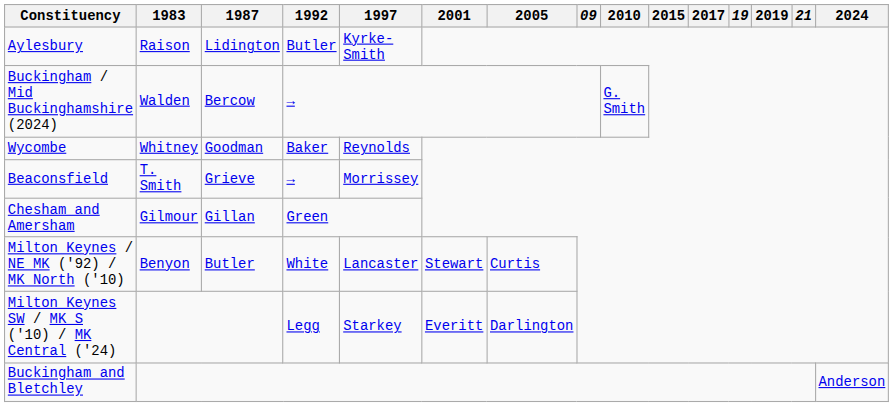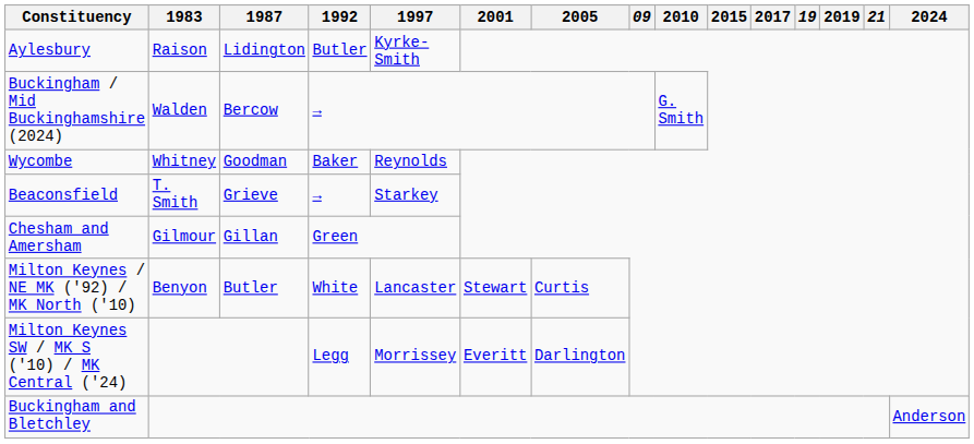 <table class="wikitable">
 <tr>
 <th>Constituency</th>
 <th>1983</th>
 <th>1987</th>
 <th>1992</th>
 <th>1997</th>
 <th>2001</th>
 <th>2005</th>
 <th><em>09</em></th>
 <th>2010</th>
 <th>2015</th>
 <th>2017</th>
 <th><em>19</em></th>
 <th>2019</th>
 <th><em>21</em></th>
 <th>2024</th>
 </tr>
 <tr>
 <td><a href='#'>Aylesbury</a></td>
 <td><a href='#'>Raison</a></td>
 <td><a href='#'>Lidington</a></td>
 <td><a href='#'>Butler</a></td>
 <td><a href='#'>Kyrke-Smith</a></td>
 </tr>
 <tr>
 <td><a href='#'>Buckingham</a> / <a href='#'>Mid Buckinghamshire</a> (2024)</td>
 <td><a href='#'>Walden</a></td>
 <td><a href='#'>Bercow</a></td>
 <td colspan="5"><a href='#'>→</a></td>
 <td><a href='#'>G. Smith</a></td>
 </tr>
 <tr>
 <td><a href='#'>Wycombe</a></td>
 <td><a href='#'>Whitney</a></td>
 <td><a href='#'>Goodman</a></td>
 <td><a href='#'>Baker</a></td>
 <td><a href='#'>Reynolds</a></td>
 </tr>
 <tr>
 <td><a href='#'>Beaconsfield</a></td>
 <td><a href='#'>T. Smith</a></td>
 <td><a href='#'>Grieve</a></td>
 <td><a href='#'>→</a></td>
-<td><a href='#'>Morrissey</a></td>
+<td><a href='#'>Starkey</a></td>
 </tr>
 <tr>
 <td><a href='#'>Chesham and Amersham</a></td>
 <td><a href='#'>Gilmour</a></td>
 <td><a href='#'>Gillan</a></td>
 <td colspan="2"><a href='#'>Green</a></td>
 </tr>
 <tr>
 <td><a href='#'>Milton Keynes</a> / <a href='#'>NE MK</a> ('92) / <a href='#'>MK North</a> ('10)</td>
 <td><a href='#'>Benyon</a></td>
 <td><a href='#'>Butler</a></td>
 <td><a href='#'>White</a></td>
 <td><a href='#'>Lancaster</a></td>
 <td><a href='#'>Stewart</a></td>
 <td><a href='#'>Curtis</a></td>
 </tr>
 <tr>
 <td><a href='#'>Milton Keynes SW</a> / <a href='#'>MK S</a> ('10) / <a href='#'>MK Central</a> ('24)</td>
 <td colspan="2"></td>
 <td><a href='#'>Legg</a></td>
-<td><a href='#'>Starkey</a></td>
+<td><a href='#'>Morrissey</a></td>
 <td><a href='#'>Everitt</a></td>
 <td><a href='#'>Darlington</a></td>
 </tr>
 <tr>
 <td><a href='#'>Buckingham and Bletchley</a></td>
 <td colspan="13"></td>
 <td><a href='#'>Anderson</a></td>
 </tr>
 </table>
